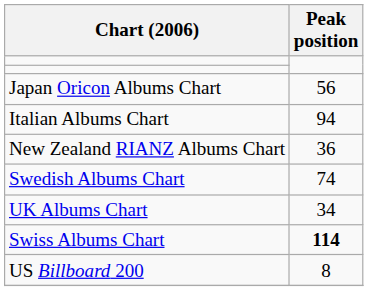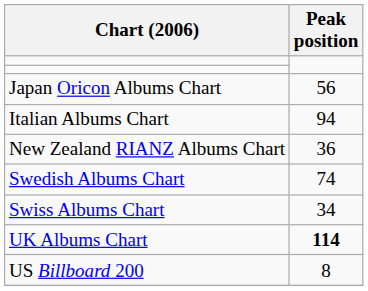 <table class="wikitable sortable">
 <tr>
 <th>Chart (2006)</th>
 <th>Peak<br>position</th>
 </tr>
 <tr>
 <td></td>
 </tr>
 <tr>
 <td></td>
 </tr>
 <tr>
 <td>Japan <a href='#'>Oricon</a> Albums Chart</td>
 <td style="text-align:center;">56</td>
 </tr>
 <tr>
 <td>Italian Albums Chart</td>
 <td style="text-align:center;">94</td>
 </tr>
 <tr>
 <td>New Zealand <a href='#'>RIANZ</a> Albums Chart</td>
 <td style="text-align:center;">36</td>
 </tr>
 <tr>
 <td><a href='#'>Swedish Albums Chart</a></td>
 <td style="text-align:center;">74</td>
 </tr>
 <tr>
-<td><a href='#'>UK Albums Chart</a></td>
+<td><a href='#'>Swiss Albums Chart</a></td>
 <td style="text-align:center;">34</td>
 </tr>
 <tr>
-<td><a href='#'>Swiss Albums Chart</a></td>
+<td><a href='#'>UK Albums Chart</a></td>
 <td style="text-align:center;"><strong>114</strong></td>
 </tr>
 <tr>
 <td>US <a href='#'><em>Billboard</em> 200</a></td>
 <td style="text-align:center;">8</td>
 </tr>
 <tr>
 </tr>
 </table>
